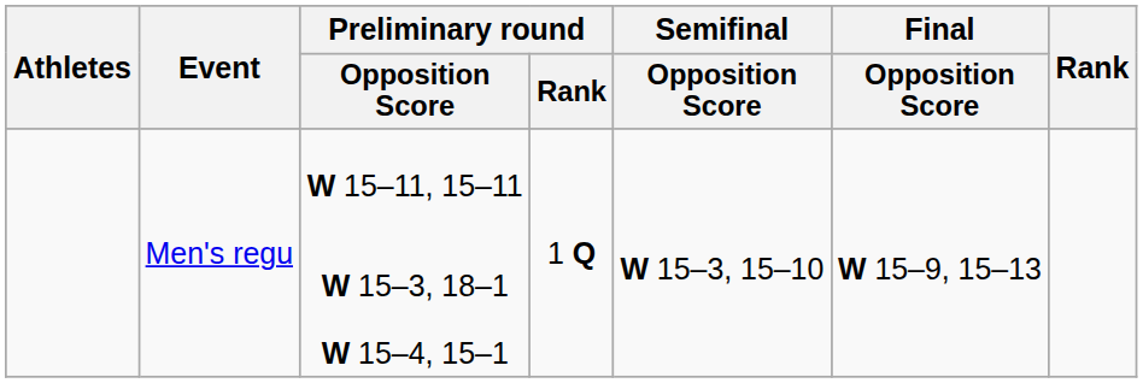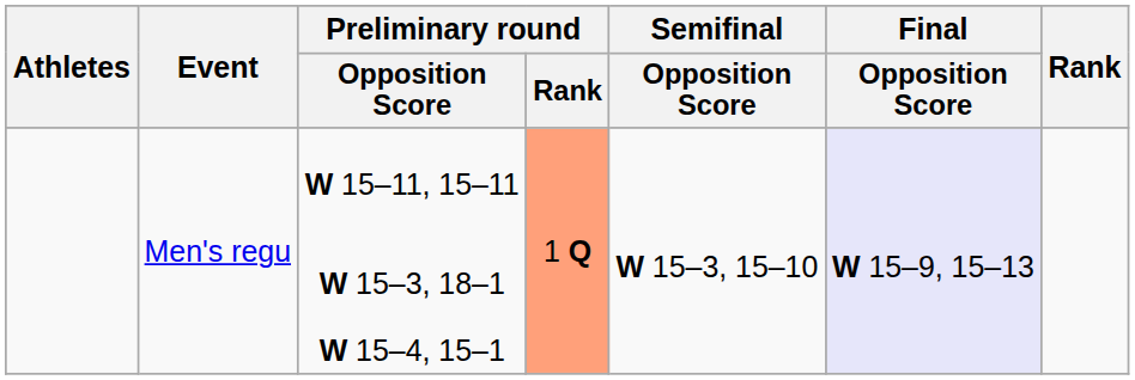 <table class="wikitable" style="font-size:90%">
 <tr>
 <th rowspan=2>Athletes</th>
 <th rowspan=2>Event</th>
 <th colspan=2>Preliminary round</th>
 <th>Semifinal</th>
 <th>Final</th>
 <th rowspan=2>Rank</th>
 </tr>
 <tr style="font-size:95%">
 <th>Opposition<br>Score</th>
 <th>Rank</th>
 <th>Opposition<br>Score</th>
 <th>Opposition<br>Score</th>
 </tr>
 <tr align=center>
 <td align=left></td>
 <td align=left><a href='#'>Men's regu</a></td>
 <td><br><strong>W</strong> 15–11, 15–11<br><br><br><strong>W</strong> 15–3, 18–1<br> <br><strong>W</strong> 15–4, 15–1<br></td>
-<td>1 <strong>Q</strong></td>
+<td style="background: lightsalmon;">1 <strong>Q</strong></td>
 <td><br><strong>W</strong> 15–3, 15–10</td>
-<td><br><strong>W</strong> 15–9, 15–13</td>
+<td style="background: lavender;"><br><strong>W</strong> 15–9, 15–13</td>
 <td></td>
 </tr>
 </table>
